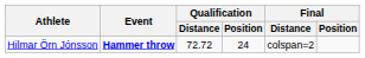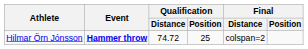 <table class=wikitable style=font-size:90%>
 <tr>
 <th rowspan=2>Athlete</th>
 <th rowspan=2>Event</th>
 <th colspan=2>Qualification</th>
 <th colspan=2>Final</th>
 </tr>
 <tr style=font-size:95%>
 <th>Distance</th>
 <th>Position</th>
 <th>Distance</th>
 <th>Position</th>
 </tr>
 <tr align=center>
 <td align=left><a href='#'>Hilmar Örn Jónsson</a></td>
 <td align=left><strong><a href='#'>Hammer throw</a></strong></td>
-<td>72.72</td>
-<td>24</td>
+<td>74.72</td>
+<td>25</td>
 <td>colspan=2 </td>
 </tr>
 </table>
